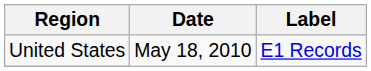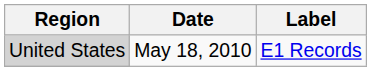 <table class="wikitable">
 <tr>
 <th>Region</th>
 <th>Date</th>
 <th>Label</th>
 </tr>
 <tr>
-<td>United States</td>
+<td style="background: lightgrey;">United States</td>
 <td rowspan="3">May 18, 2010</td>
 <td rowspan="3"><a href='#'>E1 Records</a></td>
 </tr>
 <tr>
 </tr>
 </table>
